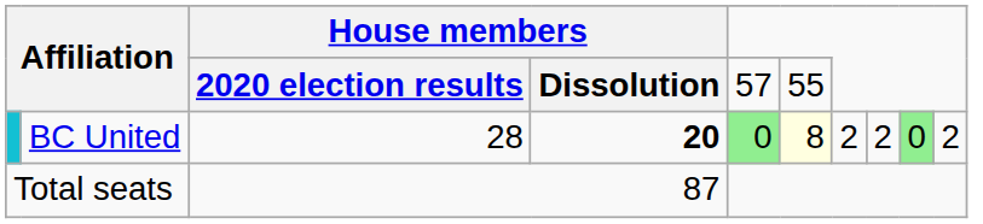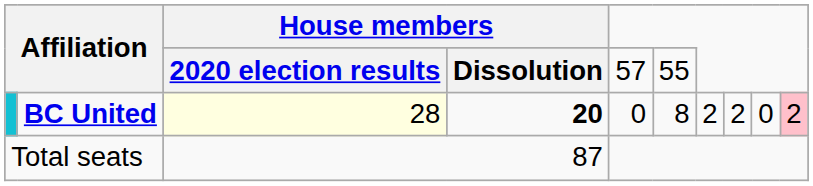 <table class="wikitable" style="text-align:right;">
 <tr>
 <th colspan="2" rowspan="2">Affiliation</th>
 <th colspan="2"><a href='#'>House members</a></th>
 </tr>
 <tr>
 <th><a href='#'>2020 election results</a></th>
 <th>Dissolution<br></th>
 <td>57</td>
 <td>55</td>
 </tr>
 <tr>
 <td style="background: #12C0D3;"></td>
-<td style="text-align: left;"><a href='#'>BC United</a></td>
-<td>28</td>
+<td style="text-align: left;"><strong><a href='#'>BC United</a></strong></td>
+<td style="background: lightyellow;">28</td>
 <td><strong>20<br></strong></td>
-<td style="background: lightgreen;">0</td>
-<td style="background: lightyellow;">8<br></td>
+<td>0</td>
+<td>8<br></td>
 <td>2</td>
 <td>2<br></td>
-<td style="background: lightgreen;">0</td>
-<td>2</td>
+<td>0</td>
+<td style="background: pink;">2</td>
 </tr>
 <tr>
 <td style="text-align:left;" colspan="2">Total seats</td>
 <td colspan="2">87</td>
 </tr>
 </table>
